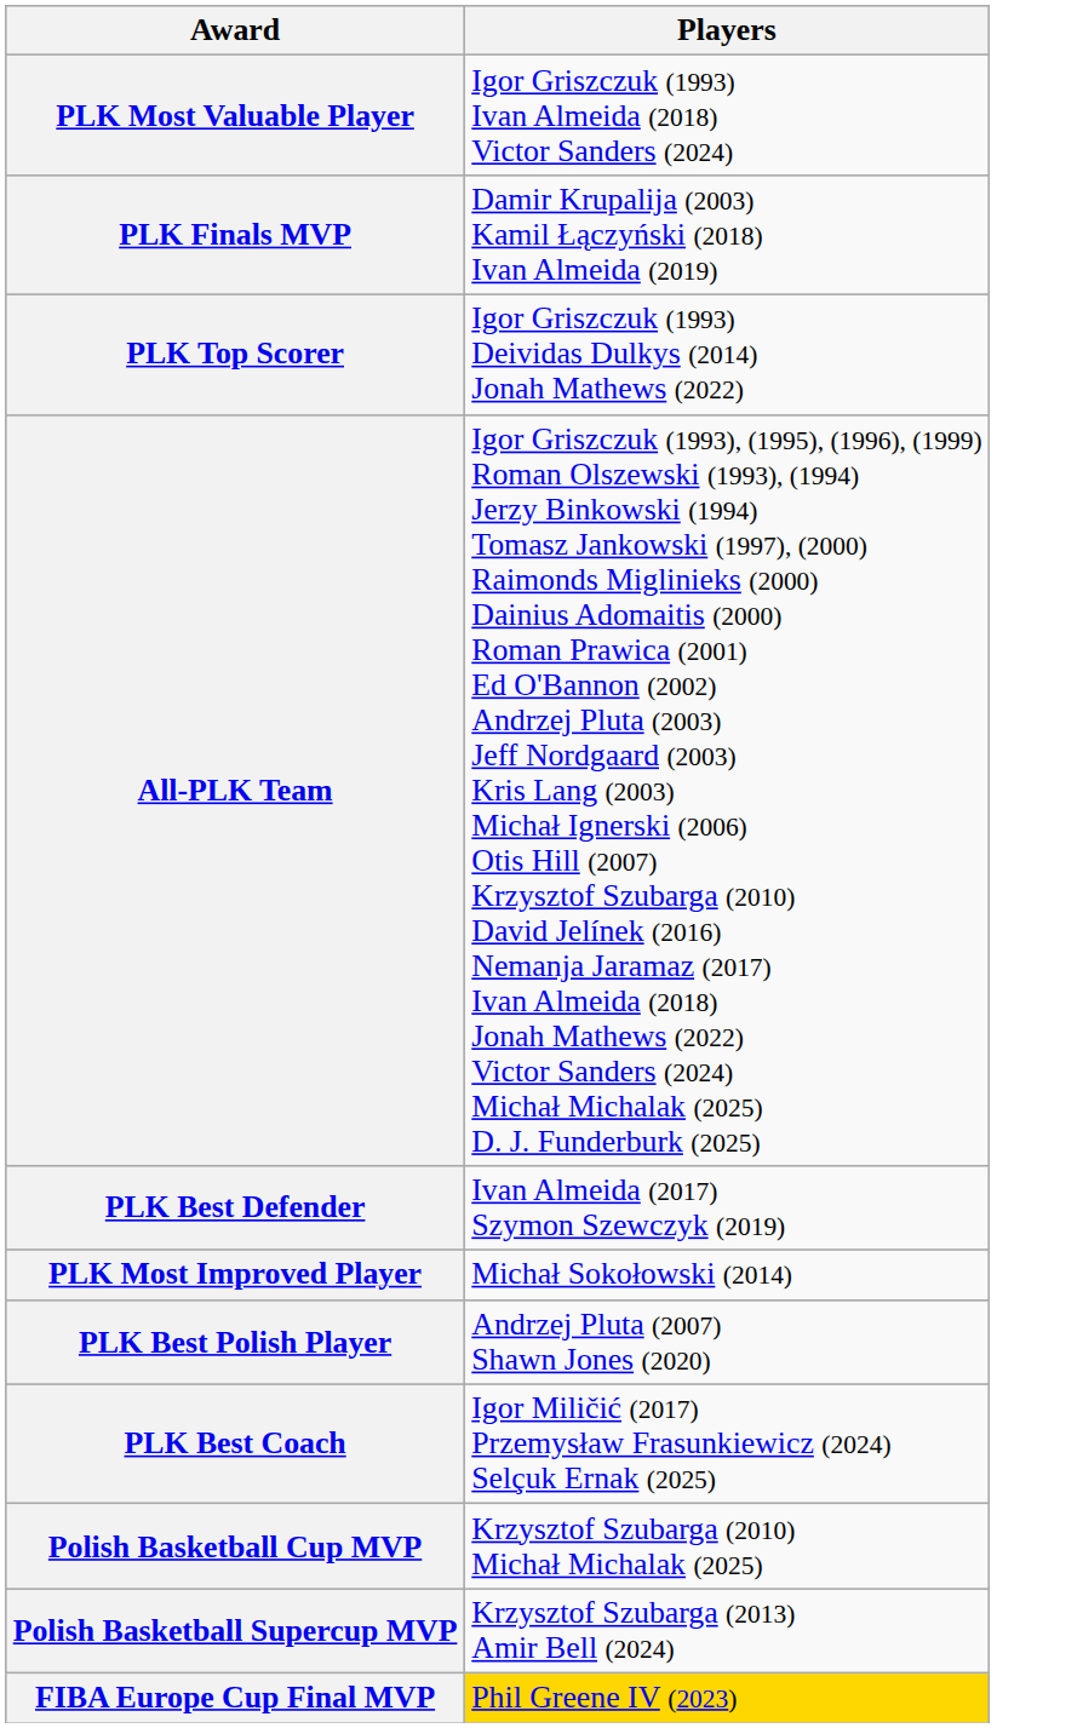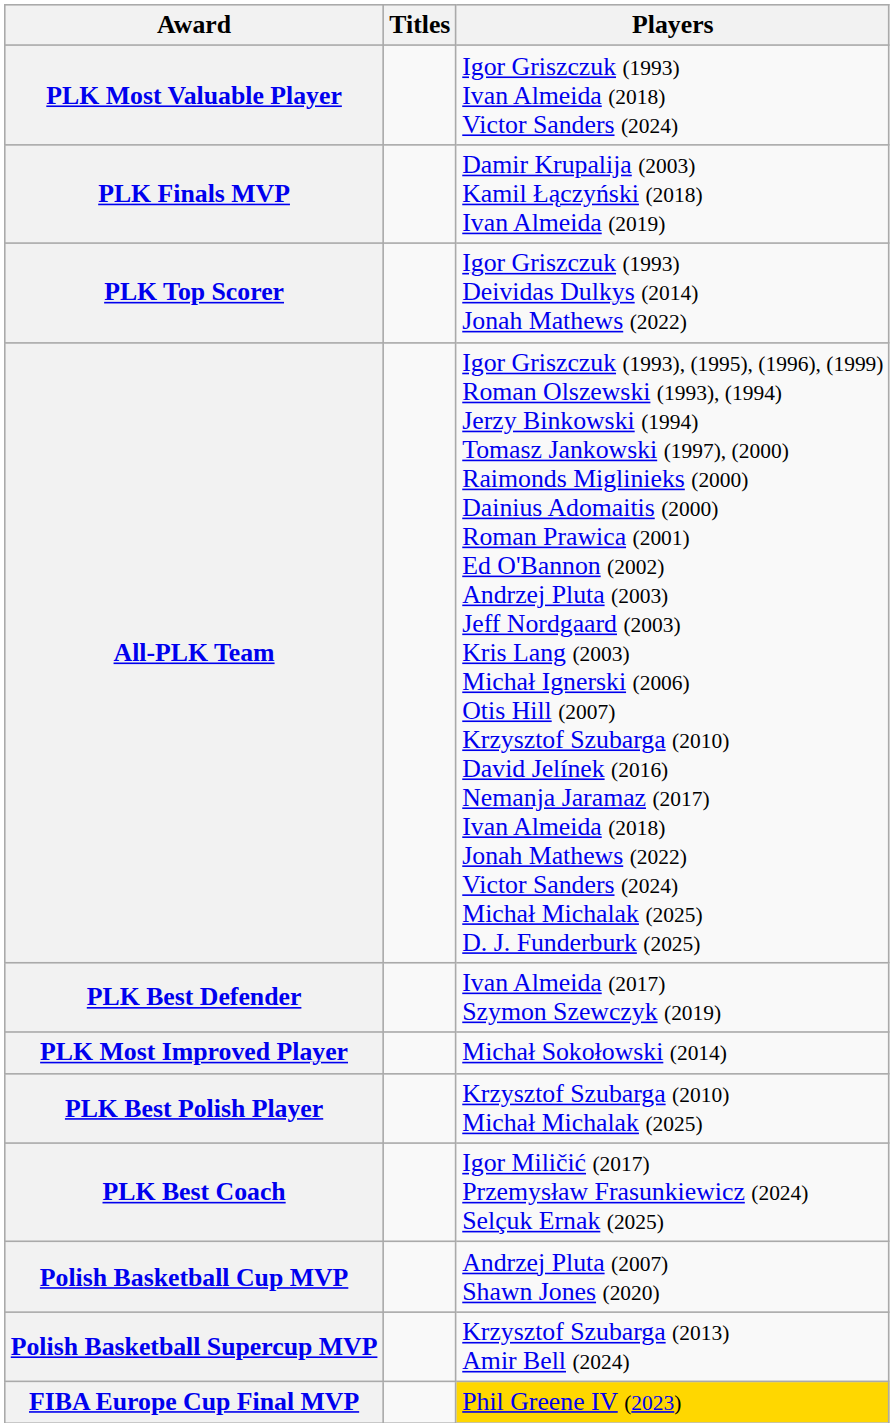 <table class="wikitable">
 <tr>
 <th>Award</th>
+<th>Titles</th>
 <th>Players</th>
 </tr>
 <tr>
 <th><a href='#'>PLK Most Valuable Player</a></th>
+<td></td>
 <td><a href='#'>Igor Griszczuk</a> <small>(1993)</small> <br><a href='#'>Ivan Almeida</a> <small>(2018)</small><br><a href='#'>Victor Sanders</a> <small>(2024)</small></td>
 </tr>
 <tr>
 <th><a href='#'>PLK Finals MVP</a></th>
+<td></td>
 <td><a href='#'>Damir Krupalija</a> <small>(2003)</small> <br><a href='#'>Kamil Łączyński</a> <small>(2018)</small> <br><a href='#'>Ivan Almeida</a> <small>(2019)</small></td>
 </tr>
 <tr>
 <th><a href='#'>PLK Top Scorer</a></th>
+<td></td>
 <td><a href='#'>Igor Griszczuk</a> <small>(1993)</small> <br><a href='#'>Deividas Dulkys</a> <small>(2014)</small> <br><a href='#'>Jonah Mathews</a> <small>(2022)</small></td>
 </tr>
 <tr>
 <th><a href='#'>All-PLK Team</a></th>
+<td></td>
 <td><a href='#'>Igor Griszczuk</a> <small> (1993), (1995), (1996), (1999)</small><br><a href='#'>Roman Olszewski</a> <small> (1993), (1994)</small> <br> <a href='#'>Jerzy Binkowski</a> <small>(1994)</small> <br><a href='#'>Tomasz Jankowski</a> <small>(1997), (2000)</small> <br><a href='#'>Raimonds Miglinieks</a> <small>(2000)</small> <br><a href='#'>Dainius Adomaitis</a> <small>(2000)</small> <br><a href='#'>Roman Prawica</a> <small>(2001)</small> <br><a href='#'>Ed O'Bannon</a> <small>(2002)</small> <br><a href='#'>Andrzej Pluta</a> <small>(2003)</small> <br><a href='#'>Jeff Nordgaard</a> <small>(2003)</small> <br><a href='#'>Kris Lang</a> <small>(2003)</small> <br><a href='#'>Michał Ignerski</a> <small>(2006)</small> <br><a href='#'>Otis Hill</a> <small>(2007)</small><br><a href='#'>Krzysztof Szubarga</a> <small>(2010)</small> <br><a href='#'>David Jelínek</a> <small>(2016)</small> <br><a href='#'>Nemanja Jaramaz</a> <small>(2017)</small> <br><a href='#'>Ivan Almeida</a> <small>(2018)</small> <br><a href='#'>Jonah Mathews</a> <small>(2022)</small><br><a href='#'>Victor Sanders</a> <small>(2024)</small><br><a href='#'>Michał Michalak</a> <small>(2025)</small><br><a href='#'>D. J. Funderburk</a> <small>(2025)</small></td>
 </tr>
 <tr>
 <th><a href='#'>PLK Best Defender</a></th>
+<td></td>
 <td><a href='#'>Ivan Almeida</a> <small>(2017)</small> <br><a href='#'>Szymon Szewczyk</a> <small>(2019)</small></td>
 </tr>
 <tr>
 <th><a href='#'>PLK Most Improved Player</a></th>
+<td></td>
 <td><a href='#'>Michał Sokołowski</a> <small>(2014)</small></td>
 </tr>
 <tr>
 <th><a href='#'>PLK Best Polish Player</a></th>
-<td><a href='#'>Andrzej Pluta</a> <small>(2007)</small> <br><a href='#'>Shawn Jones</a> <small>(2020)</small></td>
+<td></td>
+<td><a href='#'>Krzysztof Szubarga</a> <small>(2010)</small> <br><a href='#'>Michał Michalak</a> <small>(2025)</small></td>
 </tr>
 <tr>
 <th><a href='#'>PLK Best Coach</a></th>
+<td></td>
 <td><a href='#'>Igor Miličić</a> <small>(2017)</small><br><a href='#'>Przemysław Frasunkiewicz</a> <small>(2024)</small> <br><a href='#'>Selçuk Ernak</a> <small>(2025)</small></td>
 </tr>
 <tr>
 <th><a href='#'>Polish Basketball Cup MVP</a></th>
-<td><a href='#'>Krzysztof Szubarga</a> <small>(2010)</small> <br><a href='#'>Michał Michalak</a> <small>(2025)</small></td>
+<td></td>
+<td><a href='#'>Andrzej Pluta</a> <small>(2007)</small> <br><a href='#'>Shawn Jones</a> <small>(2020)</small></td>
 </tr>
 <tr>
 <th><a href='#'>Polish Basketball Supercup MVP</a></th>
+<td></td>
 <td><a href='#'>Krzysztof Szubarga</a> <small>(2013)</small> <br><a href='#'>Amir Bell</a> <small>(2024)</small></td>
 </tr>
 <tr>
 <th><a href='#'>FIBA Europe Cup Final MVP</a></th>
+<td></td>
 <td style="background: gold;"><a href='#'>Phil Greene IV</a> <small>(<a href='#'>2023</a>)</small></td>
 </tr>
 </table>
